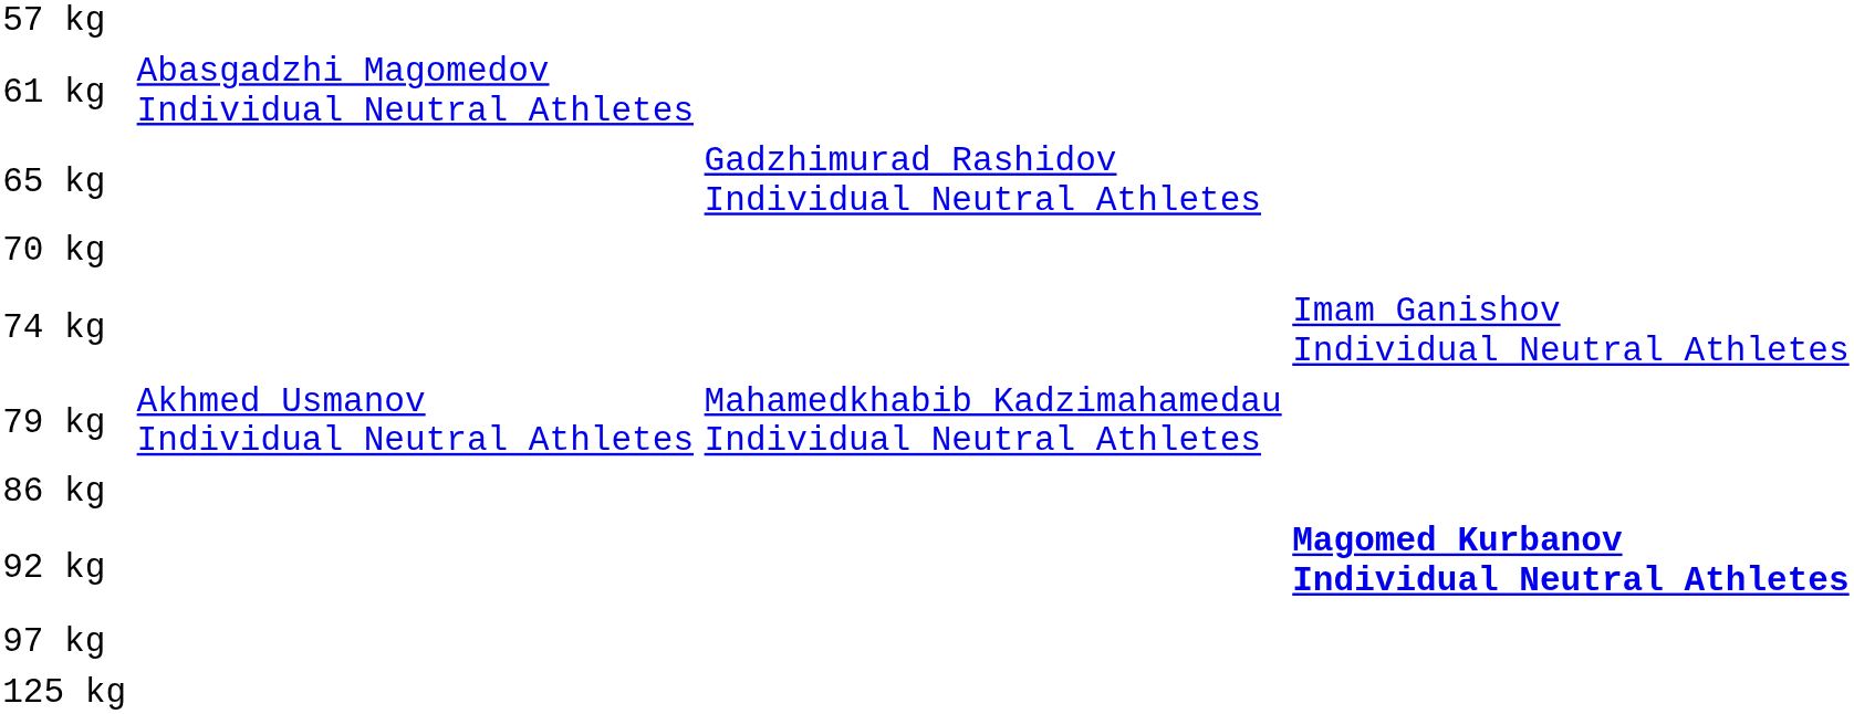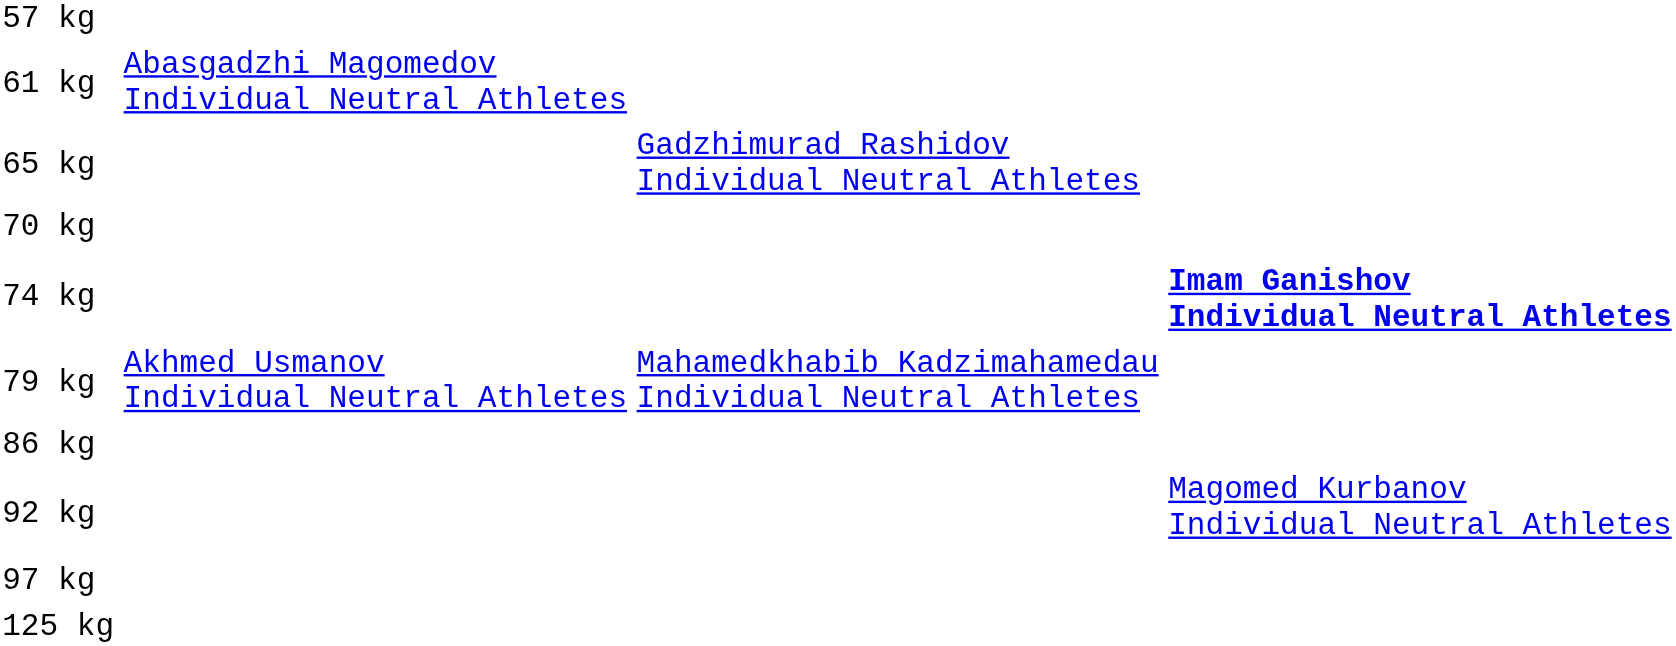 <table>
 <tr>
 <td rowspan=2>57 kg<br></td>
 <td rowspan=2></td>
 <td rowspan=2></td>
 <td></td>
 </tr>
 <tr>
 <td></td>
 </tr>
 <tr>
 <td rowspan=2>61 kg<br></td>
 <td rowspan=2><a href='#'>Abasgadzhi Magomedov</a><br><a href='#'>Individual Neutral Athletes</a></td>
 <td rowspan=2></td>
 <td></td>
 </tr>
 <tr>
 <td></td>
 </tr>
 <tr>
 <td rowspan=2>65 kg<br></td>
 <td rowspan=2></td>
 <td rowspan=2><a href='#'>Gadzhimurad Rashidov</a><br><a href='#'>Individual Neutral Athletes</a></td>
 <td></td>
 </tr>
 <tr>
 <td></td>
 </tr>
 <tr>
 <td rowspan=2>70 kg<br></td>
 <td rowspan=2></td>
 <td rowspan=2></td>
 <td></td>
 </tr>
 <tr>
 <td></td>
 </tr>
 <tr>
 <td rowspan=2>74 kg<br></td>
 <td rowspan=2></td>
 <td rowspan=2></td>
 <td></td>
 </tr>
 <tr>
-<td><a href='#'>Imam Ganishov</a><br><a href='#'>Individual Neutral Athletes</a></td>
+<td><strong><a href='#'>Imam Ganishov</a><br><a href='#'>Individual Neutral Athletes</a></strong></td>
 </tr>
 <tr>
 <td rowspan=2>79 kg<br></td>
 <td rowspan=2><a href='#'>Akhmed Usmanov</a><br><a href='#'>Individual Neutral Athletes</a></td>
 <td rowspan=2><a href='#'>Mahamedkhabib Kadzimahamedau</a><br><a href='#'>Individual Neutral Athletes</a></td>
 <td></td>
 </tr>
 <tr>
 <td></td>
 </tr>
 <tr>
 <td rowspan=2>86 kg<br></td>
 <td rowspan=2></td>
 <td rowspan=2></td>
 <td></td>
 </tr>
 <tr>
 <td></td>
 </tr>
 <tr>
 <td rowspan=2>92 kg<br></td>
 <td rowspan=2></td>
 <td rowspan=2></td>
-<td><strong><a href='#'>Magomed Kurbanov</a><br><a href='#'>Individual Neutral Athletes</a></strong></td>
+<td><a href='#'>Magomed Kurbanov</a><br><a href='#'>Individual Neutral Athletes</a></td>
 </tr>
 <tr>
 <td></td>
 </tr>
 <tr>
 <td rowspan=2>97 kg<br></td>
 <td rowspan=2></td>
 <td rowspan=2></td>
 <td></td>
 </tr>
 <tr>
 <td></td>
 </tr>
 <tr>
 <td rowspan=2>125 kg<br></td>
 <td rowspan=2></td>
 <td rowspan=2></td>
 <td></td>
 </tr>
 <tr>
 <td></td>
 </tr>
 </table>
